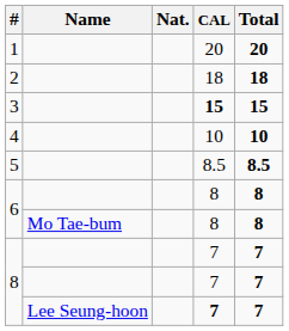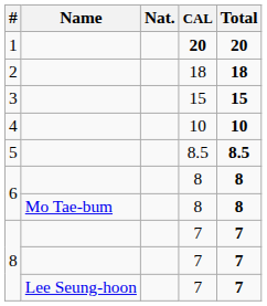 <table class="wikitable sortable" style="text-align:center;">
 <tr>
 <th>#</th>
 <th>Name</th>
 <th>Nat.</th>
 <th><small>CAL</small></th>
 <th>Total</th>
 </tr>
 <tr>
 <td>1</td>
 <td align=left></td>
 <td></td>
-<td>20</td>
+<td><strong>20</strong></td>
 <td><strong>20</strong></td>
 </tr>
 <tr>
 <td>2</td>
 <td align=left></td>
 <td></td>
 <td>18</td>
 <td><strong>18</strong></td>
 </tr>
 <tr>
 <td>3</td>
 <td align=left></td>
 <td></td>
-<td><strong>15</strong></td>
+<td>15</td>
 <td><strong>15</strong></td>
 </tr>
 <tr>
 <td>4</td>
 <td align=left></td>
 <td></td>
 <td>10</td>
 <td><strong>10</strong></td>
 </tr>
 <tr>
 <td>5</td>
 <td align=left></td>
 <td></td>
 <td>8.5</td>
 <td><strong>8.5 </strong></td>
 </tr>
 <tr>
 <td rowspan=2>6</td>
 <td align=left></td>
 <td></td>
 <td>8</td>
 <td><strong>8</strong></td>
 </tr>
 <tr>
 <td align=left><a href='#'>Mo Tae-bum</a></td>
 <td></td>
 <td>8</td>
 <td><strong>8</strong></td>
 </tr>
 <tr>
 <td rowspan=3>8</td>
 <td align=left></td>
 <td></td>
 <td>7</td>
 <td><strong>7</strong></td>
 </tr>
 <tr>
 <td align=left></td>
 <td></td>
 <td>7</td>
 <td><strong>7</strong></td>
 </tr>
 <tr>
 <td align=left><a href='#'>Lee Seung-hoon</a></td>
 <td></td>
-<td><strong>7</strong></td>
+<td>7</td>
 <td><strong>7</strong></td>
 </tr>
 </table>
